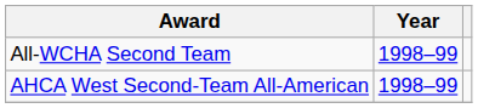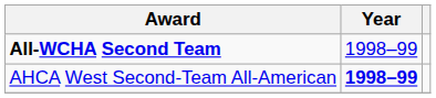 <table class="wikitable">
 <tr>
 <th>Award</th>
 <th>Year</th>
 <th></th>
 </tr>
 <tr>
-<td>All-<a href='#'>WCHA</a> <a href='#'>Second Team</a></td>
+<td><strong>All-<a href='#'>WCHA</a> <a href='#'>Second Team</a></strong></td>
 <td><a href='#'>1998–99</a></td>
 <td></td>
 </tr>
 <tr>
 <td><a href='#'>AHCA</a> <a href='#'>West Second-Team All-American</a></td>
-<td><a href='#'>1998–99</a></td>
+<td><strong><a href='#'>1998–99</a></strong></td>
 <td></td>
 </tr>
 <tr>
 </tr>
 </table>
